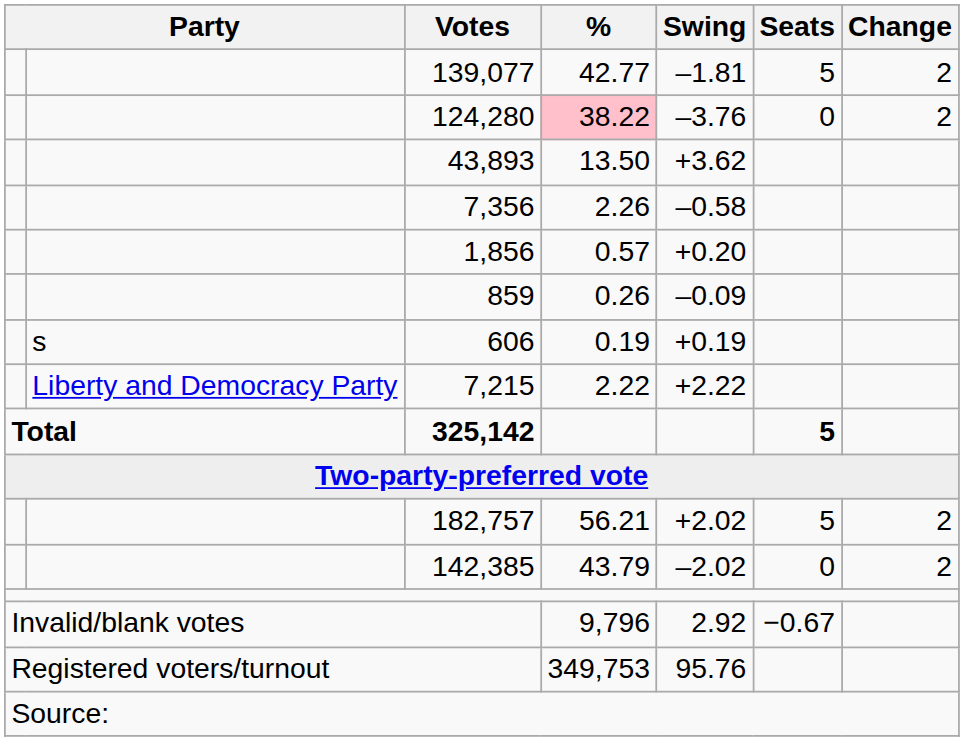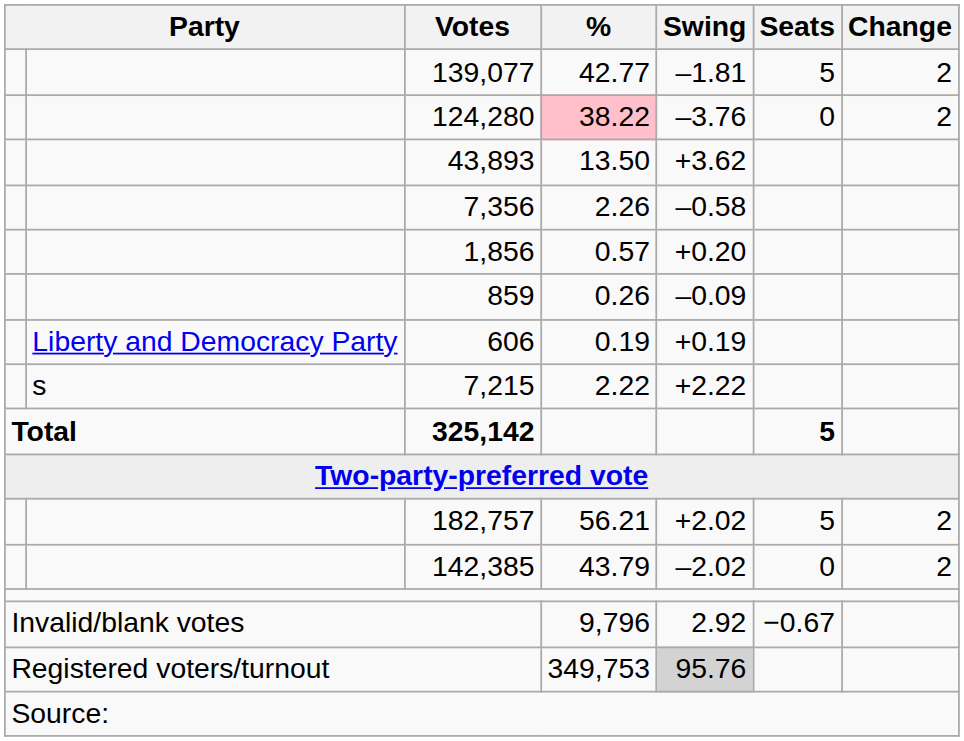 <table class="wikitable">
 <tr>
 <th style="width:200px" colspan=2><strong>Party</strong></th>
 <th style="width:70px; text-align:center;"><strong>Votes</strong></th>
 <th style="width:40px; text-align:center;"><strong>%</strong></th>
 <th style="width:40px; text-align:center;"><strong>Swing</strong></th>
 <th style="width:40px; text-align:center;"><strong>Seats</strong></th>
 <th style="width:40px; text-align:center;"><strong>Change</strong></th>
 </tr>
 <tr>
 <td> </td>
 <td></td>
 <td align=right>139,077</td>
 <td align=right>42.77</td>
 <td align=right>–1.81</td>
 <td align=right>5</td>
 <td align=right> 2</td>
 </tr>
 <tr>
 <td> </td>
 <td></td>
 <td align=right>124,280</td>
 <td align=right style="background: pink;">38.22</td>
 <td align=right>–3.76</td>
 <td align=right>0</td>
 <td align=right> 2</td>
 </tr>
 <tr>
 <td> </td>
 <td></td>
 <td align=right>43,893</td>
 <td align=right>13.50</td>
 <td align=right>+3.62</td>
 <td align=right></td>
 <td align=right></td>
 </tr>
 <tr>
 <td> </td>
 <td></td>
 <td align=right>7,356</td>
 <td align=right>2.26</td>
 <td align=right>–0.58</td>
 <td align=right></td>
 <td align=right></td>
 </tr>
 <tr>
 <td> </td>
 <td></td>
 <td align=right>1,856</td>
 <td align=right>0.57</td>
 <td align=right>+0.20</td>
 <td align=right></td>
 <td align=right></td>
 </tr>
 <tr>
 <td> </td>
 <td></td>
 <td align=right>859</td>
 <td align=right>0.26</td>
 <td align=right>–0.09</td>
 <td align=right></td>
 <td align=right></td>
 </tr>
 <tr>
 <td> </td>
-<td>s</td>
+<td><a href='#'>Liberty and Democracy Party</a></td>
 <td align=right>606</td>
 <td align=right>0.19</td>
 <td align=right>+0.19</td>
 <td align=right></td>
 <td align=right></td>
 </tr>
 <tr>
 <td> </td>
-<td><a href='#'>Liberty and Democracy Party</a></td>
+<td>s</td>
 <td align=right>7,215</td>
 <td align=right>2.22</td>
 <td align=right>+2.22</td>
 <td align=right></td>
 <td align=right></td>
 </tr>
 <tr>
 <td colspan=2><strong>Total</strong></td>
 <td align="right"><strong>325,142</strong></td>
 <td align="right"><strong> </strong></td>
 <td align="right"><strong> </strong></td>
 <td align="right"><strong>5</strong></td>
 <td align=right></td>
 </tr>
 <tr>
 <td colspan=7 style="text-align:center; background:#eee;"><strong><a href='#'>Two-party-preferred vote</a></strong></td>
 </tr>
 <tr>
 <td> </td>
 <td></td>
 <td align=right>182,757</td>
 <td align=right>56.21</td>
 <td align=right>+2.02</td>
 <td align=right>5</td>
 <td align=right> 2</td>
 </tr>
 <tr>
 <td> </td>
 <td></td>
 <td align=right>142,385</td>
 <td align=right>43.79</td>
 <td align=right>–2.02</td>
 <td align=right>0</td>
 <td align=right> 2</td>
 </tr>
 <tr>
 <td colspan=7></td>
 </tr>
 <tr>
 <td colspan=3 align=left>Invalid/blank votes</td>
 <td align=right>9,796</td>
 <td align=right>2.92</td>
 <td align=right>−0.67</td>
 <td></td>
 </tr>
 <tr>
 <td colspan=3 align=left>Registered voters/turnout</td>
 <td align=right>349,753</td>
-<td align=right>95.76</td>
+<td align=right style="background: lightgrey;">95.76</td>
 <td></td>
 <td></td>
 </tr>
 <tr>
 <td colspan=7 align=left>Source: </td>
 </tr>
 </table>
